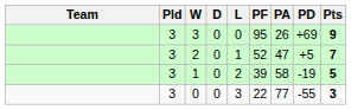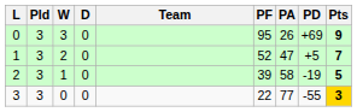 <table class="wikitable" style="text-align:center;">
 <tr>
-<th width="190">Team</th>
+<th width="20" abbr="Lost">L</th>
 <th width="20" abbr="Played">Pld</th>
 <th width="20" abbr="Won">W</th>
 <th width="20" abbr="Drawn">D</th>
-<th width="20" abbr="Lost">L</th>
+<th width="190">Team</th>
 <th width="20" abbr="Points for">PF</th>
 <th width="20" abbr="Points against">PA</th>
 <th width="25" abbr="Points difference">PD</th>
 <th width="20" abbr="Points">Pts</th>
 </tr>
 <tr style="background:#ccffcc">
-<td align="left"></td>
+<td>0</td>
 <td>3</td>
 <td>3</td>
 <td>0</td>
-<td>0</td>
+<td align="left"></td>
 <td>95</td>
 <td>26</td>
 <td>+69</td>
 <td><strong>9</strong></td>
 </tr>
 <tr style="background:#ccffcc">
-<td align="left"></td>
+<td>1</td>
 <td>3</td>
 <td>2</td>
 <td>0</td>
-<td>1</td>
+<td align="left"></td>
 <td>52</td>
 <td>47</td>
 <td>+5</td>
 <td><strong>7</strong></td>
 </tr>
 <tr style="background:#ccffcc">
-<td align="left"></td>
+<td>2</td>
 <td>3</td>
 <td>1</td>
 <td>0</td>
-<td>2</td>
+<td align="left"></td>
 <td>39</td>
 <td>58</td>
 <td>-19</td>
 <td><strong>5</strong></td>
 </tr>
 <tr>
-<td align="left"></td>
+<td>3</td>
 <td>3</td>
 <td>0</td>
 <td>0</td>
-<td>3</td>
+<td align="left"></td>
 <td>22</td>
 <td>77</td>
 <td>-55</td>
-<td><strong>3</strong></td>
+<td style="background: gold;"><strong>3</strong></td>
 </tr>
 </table>
